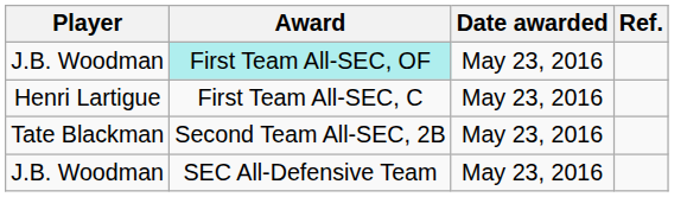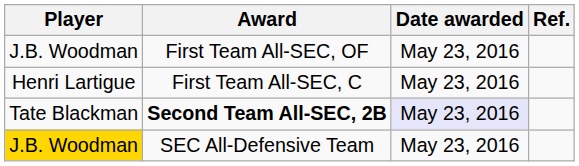 <table class="wikitable sortable sortable" style="text-align: center">
 <tr>
 <th>Player</th>
 <th>Award</th>
 <th>Date awarded</th>
 <th>Ref.</th>
 </tr>
 <tr>
 <td>J.B. Woodman</td>
-<td style="background: paleturquoise;">First Team All-SEC, OF</td>
+<td>First Team All-SEC, OF</td>
 <td>May 23, 2016</td>
 <td></td>
 </tr>
 <tr>
 <td>Henri Lartigue</td>
 <td>First Team All-SEC, C</td>
 <td>May 23, 2016</td>
 <td></td>
 </tr>
 <tr>
 <td>Tate Blackman</td>
-<td>Second Team All-SEC, 2B</td>
-<td>May 23, 2016</td>
+<td><strong>Second Team All-SEC, 2B</strong></td>
+<td style="background: lavender;">May 23, 2016</td>
 <td></td>
 </tr>
 <tr>
-<td>J.B. Woodman</td>
+<td style="background: gold;">J.B. Woodman</td>
 <td>SEC All-Defensive Team</td>
 <td>May 23, 2016</td>
 <td></td>
 </tr>
 </table>
